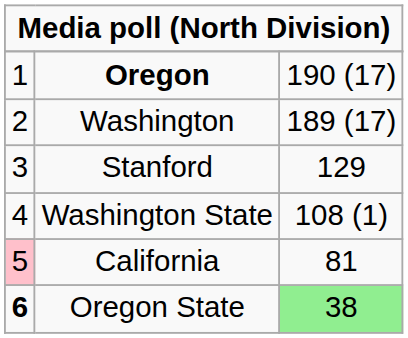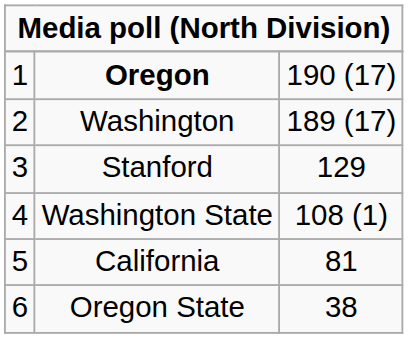 <table class="wikitable" style="display: inline-table;">
 <tr>
 <td align="center" Colspan="3"><strong>Media poll (North Division)</strong></td>
 </tr>
 <tr align="center">
 </tr>
 <tr align="center">
 <td>1</td>
 <td><strong>Oregon</strong></td>
 <td>190 (17)</td>
 </tr>
 <tr align="center">
 <td>2</td>
 <td>Washington</td>
 <td>189 (17)</td>
 </tr>
 <tr align="center">
 <td>3</td>
 <td>Stanford</td>
 <td>129</td>
 </tr>
 <tr align="center">
 <td>4</td>
 <td>Washington State</td>
 <td>108 (1)</td>
 </tr>
 <tr align="center">
-<td style="background: pink;">5</td>
+<td>5</td>
 <td>California</td>
 <td>81</td>
 </tr>
 <tr align="center">
-<td><strong>6</strong></td>
+<td>6</td>
 <td>Oregon State</td>
-<td style="background: lightgreen;">38</td>
+<td>38</td>
 </tr>
 </table>
